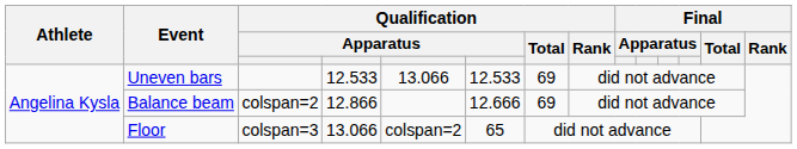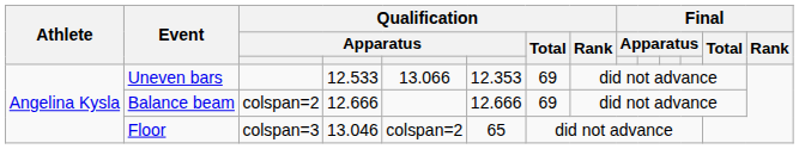 <table class="wikitable" style="font-size:90%">
 <tr>
 <th rowspan=3>Athlete</th>
 <th rowspan=3>Event</th>
 <th colspan=6>Qualification</th>
 <th colspan=6>Final</th>
 </tr>
 <tr style="font-size:95%">
 <th colspan=4>Apparatus</th>
 <th rowspan=2>Total</th>
 <th rowspan=2>Rank</th>
 <th colspan=4>Apparatus</th>
 <th rowspan=2>Total</th>
 <th rowspan=2>Rank</th>
 </tr>
 <tr style="font-size:95%">
 <th></th>
 <th></th>
 <th></th>
 <th></th>
 <th></th>
 <th></th>
 <th></th>
 <th></th>
 </tr>
 <tr align=center>
 <td align=left rowspan=3><a href='#'>Angelina Kysla</a></td>
 <td align=left><a href='#'>Uneven bars</a></td>
 <td></td>
 <td>12.533</td>
 <td>13.066</td>
-<td>12.533</td>
+<td>12.353</td>
 <td>69</td>
 <td colspan=6>did not advance</td>
 </tr>
 <tr align=center>
 <td align=left><a href='#'>Balance beam</a></td>
 <td>colspan=2 </td>
-<td>12.866</td>
+<td>12.666</td>
 <td></td>
 <td>12.666</td>
 <td>69</td>
 <td colspan=6>did not advance</td>
 </tr>
 <tr align=center>
 <td align=left><a href='#'>Floor</a></td>
 <td>colspan=3 </td>
-<td>13.066</td>
+<td>13.046</td>
 <td>colspan=2 </td>
 <td>65</td>
 <td colspan=6>did not advance</td>
 </tr>
 </table>
